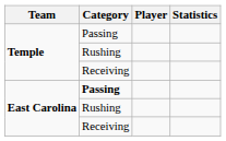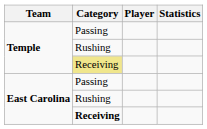 <table class="wikitable" style="float: left;">
 <tr>
 <th>Team</th>
 <th>Category</th>
 <th>Player</th>
 <th>Statistics</th>
 </tr>
 <tr>
 <td rowspan=3><strong>Temple</strong></td>
 <td>Passing</td>
 <td> </td>
 <td> </td>
 </tr>
 <tr>
 <td>Rushing</td>
 <td> </td>
 <td> </td>
 </tr>
 <tr>
-<td>Receiving</td>
+<td style="background: khaki;">Receiving</td>
 <td> </td>
 <td> </td>
 </tr>
 <tr>
 <td rowspan=3><strong>East Carolina</strong></td>
-<td><strong>Passing</strong></td>
+<td>Passing</td>
 <td> </td>
 <td> </td>
 </tr>
 <tr>
 <td>Rushing</td>
 <td> </td>
 <td> </td>
 </tr>
 <tr>
-<td>Receiving</td>
+<td><strong>Receiving</strong></td>
 <td> </td>
 <td> </td>
 </tr>
 </table>
